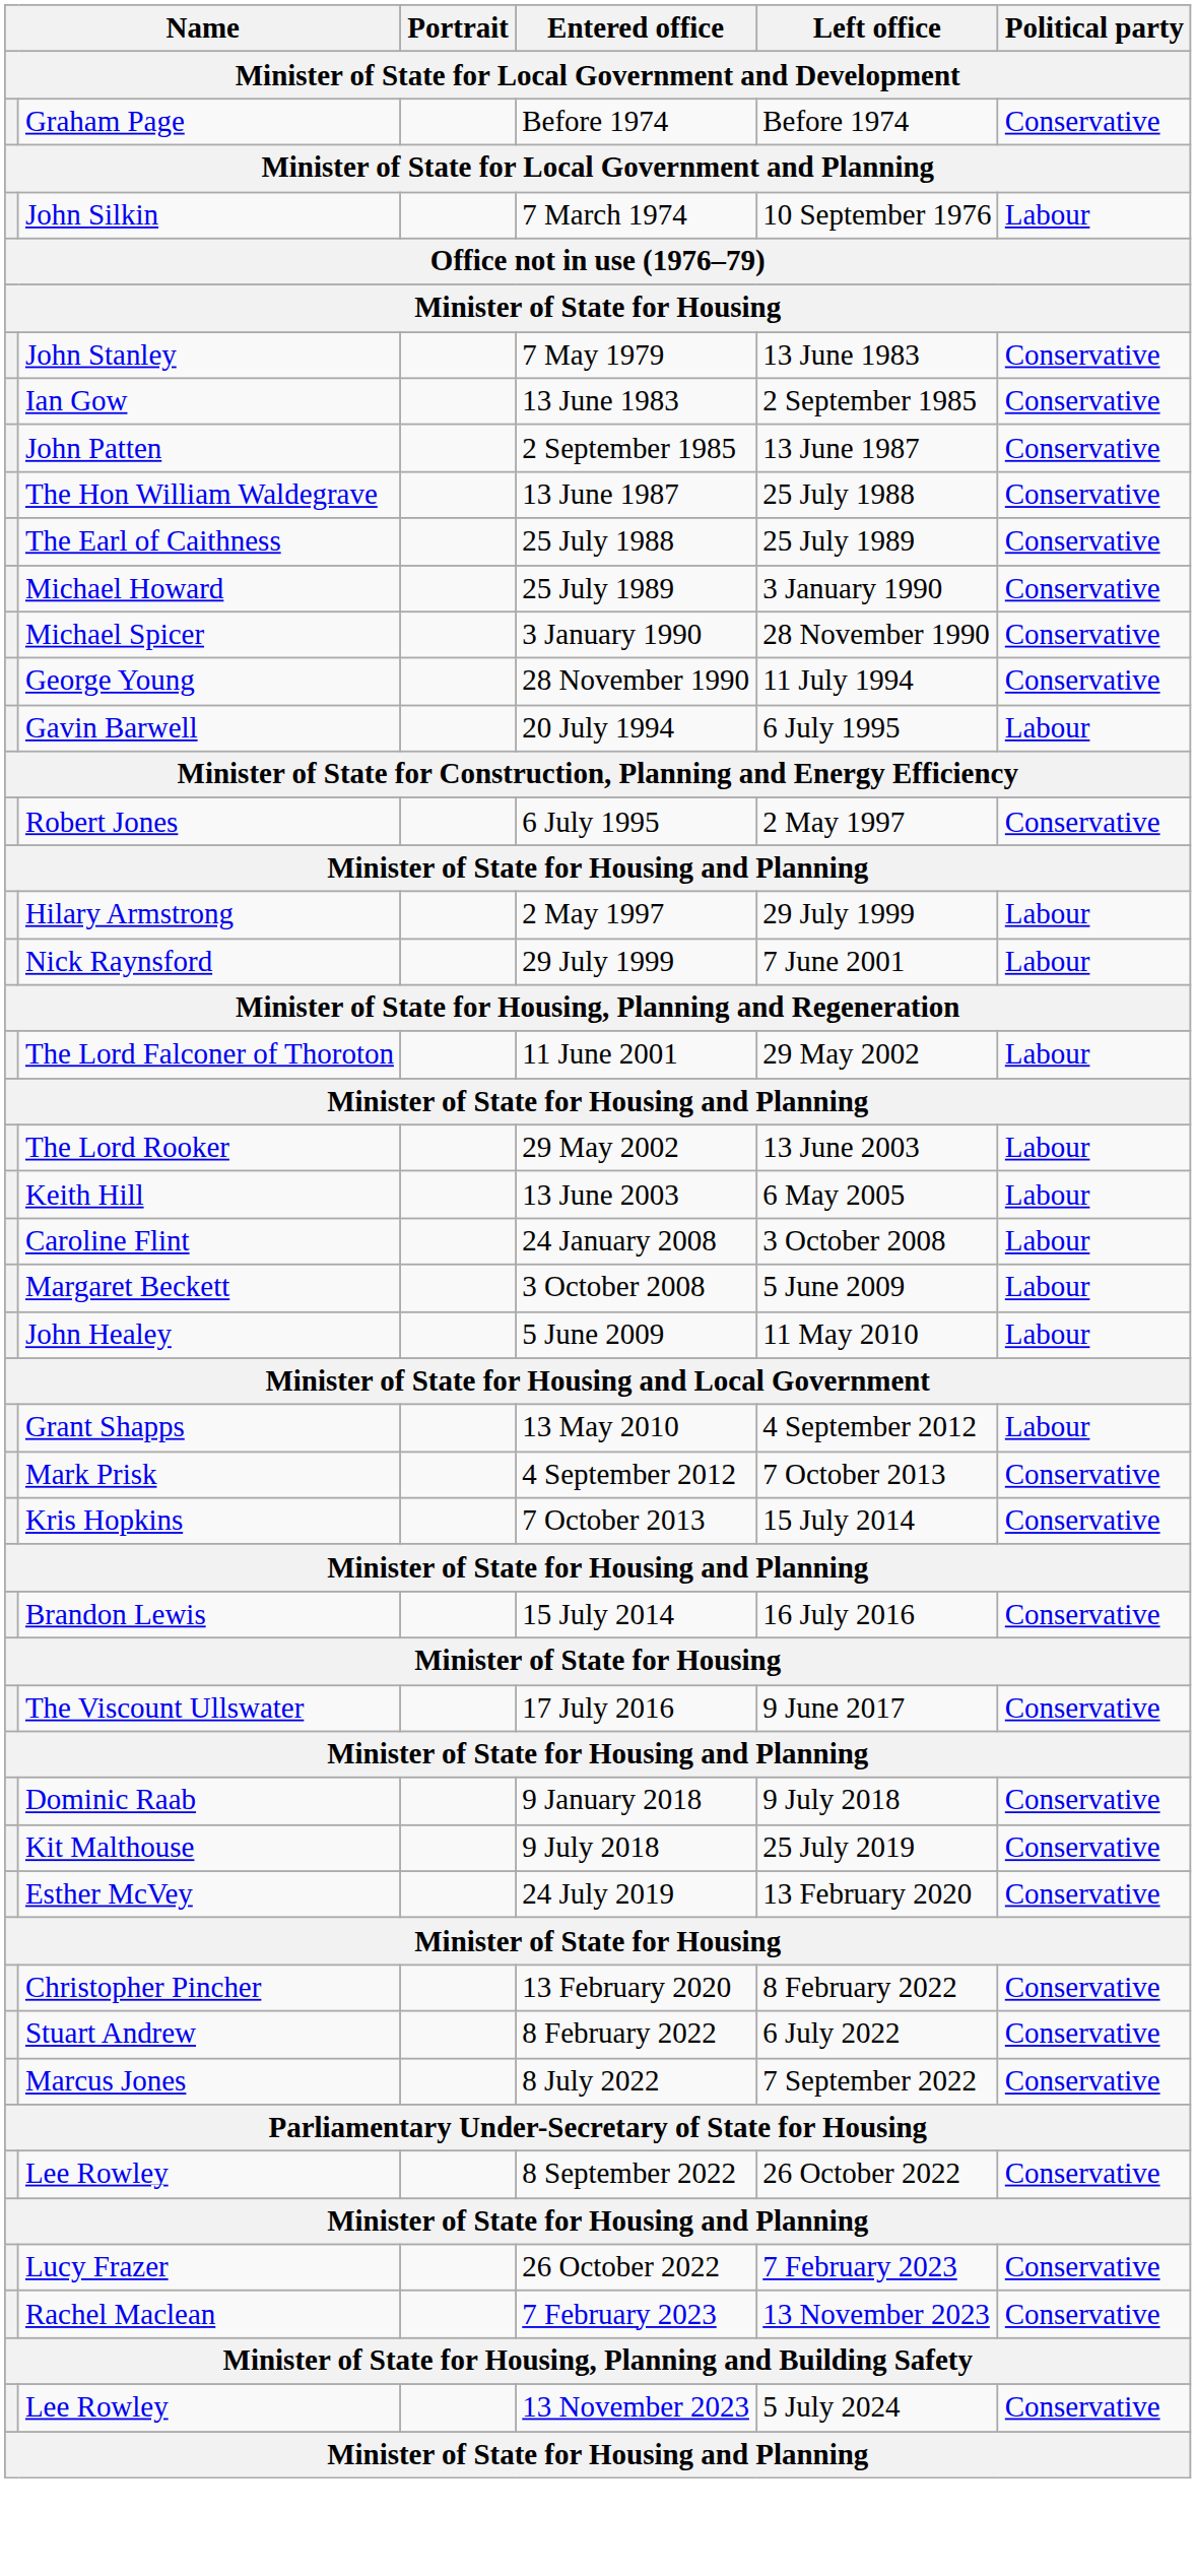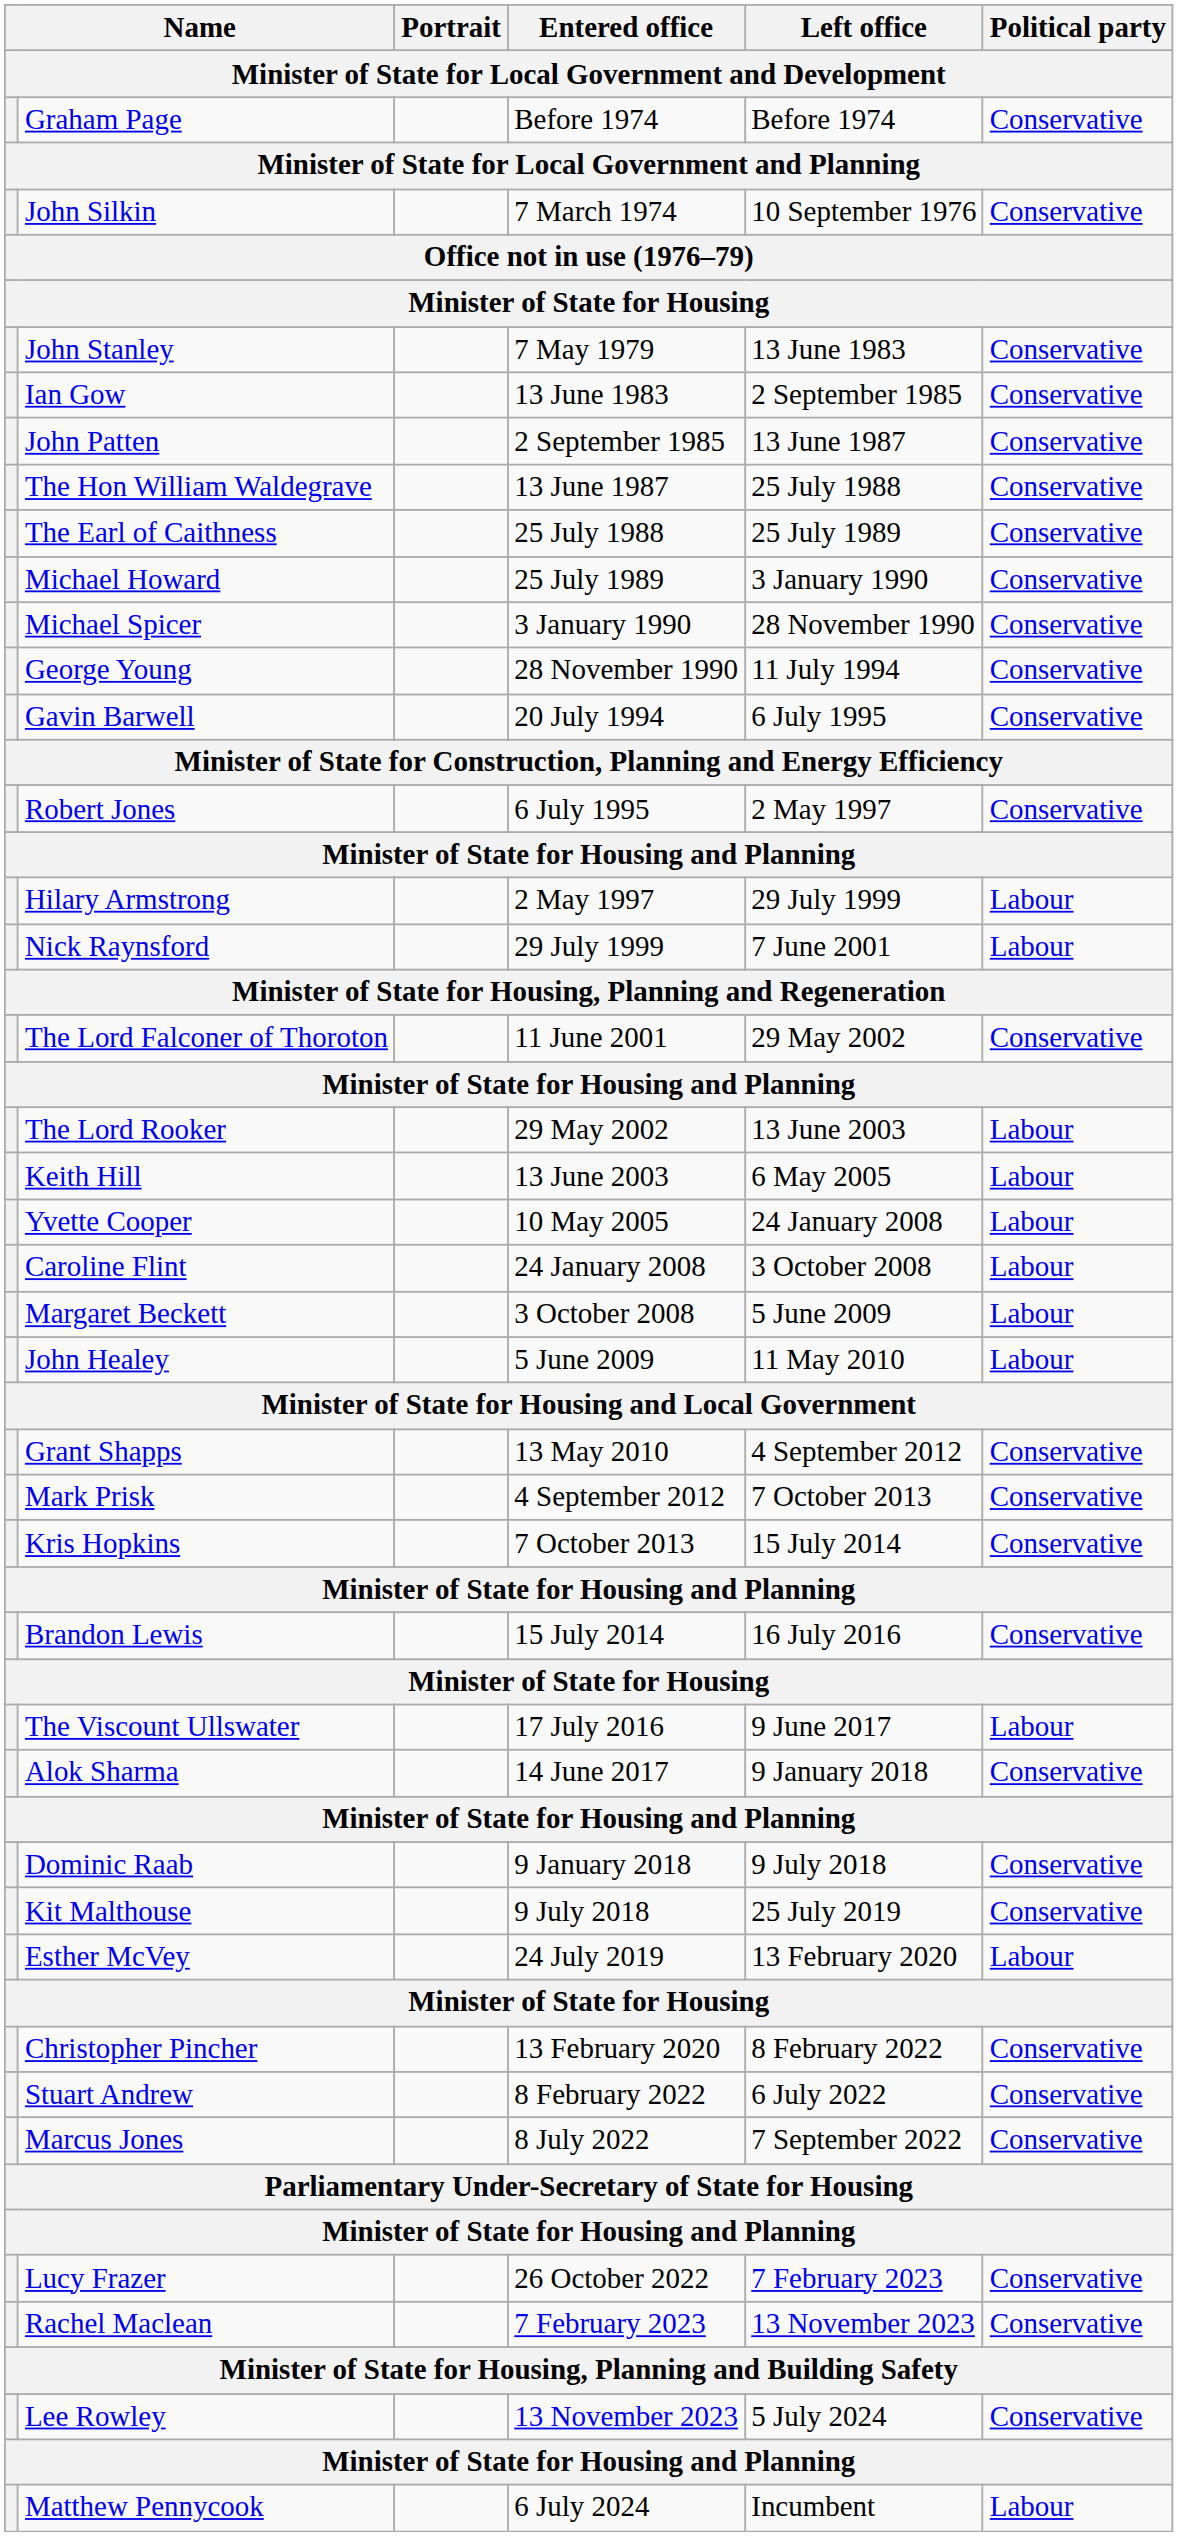 <table class="wikitable">
 <tr>
 <th colspan=2>Name</th>
 <th>Portrait</th>
 <th>Entered office</th>
 <th>Left office</th>
 <th>Political party</th>
 </tr>
 <tr>
 <th colspan="6">Minister of State for Local Government and Development</th>
 </tr>
 <tr>
 <th style="background-color: "></th>
 <td><a href='#'>Graham Page</a></td>
 <td></td>
 <td>Before 1974</td>
 <td>Before 1974</td>
 <td><a href='#'>Conservative</a></td>
 </tr>
 <tr>
 <th colspan="6">Minister of State for Local Government and Planning</th>
 </tr>
 <tr>
 <th style="background-color: "></th>
 <td><a href='#'>John Silkin</a></td>
 <td></td>
 <td>7 March 1974</td>
 <td>10 September 1976</td>
-<td><a href='#'>Labour</a></td>
+<td><a href='#'>Conservative</a></td>
 </tr>
 <tr>
 <th colspan="6">Office not in use (1976–79)</th>
 </tr>
 <tr>
 <th colspan="6">Minister of State for Housing</th>
 </tr>
 <tr>
 <th style="background-color: "></th>
 <td><a href='#'>John Stanley</a></td>
 <td></td>
 <td>7 May 1979</td>
 <td>13 June 1983</td>
 <td><a href='#'>Conservative</a></td>
 </tr>
 <tr>
 <th style="background-color: "></th>
 <td><a href='#'>Ian Gow</a></td>
 <td></td>
 <td>13 June 1983</td>
 <td>2 September 1985</td>
 <td><a href='#'>Conservative</a></td>
 </tr>
 <tr>
 <th style="background-color: "></th>
 <td><a href='#'>John Patten</a></td>
 <td></td>
 <td>2 September 1985</td>
 <td>13 June 1987</td>
 <td><a href='#'>Conservative</a></td>
 </tr>
 <tr>
 <th style="background-color: "></th>
 <td><a href='#'>The Hon William Waldegrave</a></td>
 <td></td>
 <td>13 June 1987</td>
 <td>25 July 1988</td>
 <td><a href='#'>Conservative</a></td>
 </tr>
 <tr>
 <th style="background-color: "></th>
 <td><a href='#'>The Earl of Caithness</a></td>
 <td></td>
 <td>25 July 1988</td>
 <td>25 July 1989</td>
 <td><a href='#'>Conservative</a></td>
 </tr>
 <tr>
 <th style="background-color: "></th>
 <td><a href='#'>Michael Howard</a></td>
 <td></td>
 <td>25 July 1989</td>
 <td>3 January 1990</td>
 <td><a href='#'>Conservative</a></td>
 </tr>
 <tr>
 <th style="background-color: "></th>
 <td><a href='#'>Michael Spicer</a></td>
 <td></td>
 <td>3 January 1990</td>
 <td>28 November 1990</td>
 <td><a href='#'>Conservative</a></td>
 </tr>
 <tr>
 <th style="background-color: "></th>
 <td><a href='#'>George Young</a></td>
 <td></td>
 <td>28 November 1990</td>
 <td>11 July 1994</td>
 <td><a href='#'>Conservative</a></td>
 </tr>
 <tr>
 <th style="background-color: "></th>
 <td><a href='#'>Gavin Barwell</a></td>
 <td></td>
 <td>20 July 1994</td>
 <td>6 July 1995</td>
-<td><a href='#'>Labour</a></td>
+<td><a href='#'>Conservative</a></td>
 </tr>
 <tr>
 <th colspan="6">Minister of State for Construction, Planning and Energy Efficiency</th>
 </tr>
 <tr>
 <th style="background-color: "></th>
 <td><a href='#'>Robert Jones</a></td>
 <td></td>
 <td>6 July 1995</td>
 <td>2 May 1997</td>
 <td><a href='#'>Conservative</a></td>
 </tr>
 <tr>
 <th colspan="6">Minister of State for Housing and Planning</th>
 </tr>
 <tr>
 <th style="background-color: "></th>
 <td><a href='#'>Hilary Armstrong</a></td>
 <td></td>
 <td>2 May 1997</td>
 <td>29 July 1999</td>
 <td><a href='#'>Labour</a></td>
 </tr>
 <tr>
 <th style="background-color: "></th>
 <td><a href='#'>Nick Raynsford</a></td>
 <td></td>
 <td>29 July 1999</td>
 <td>7 June 2001</td>
 <td><a href='#'>Labour</a></td>
 </tr>
 <tr>
 <th colspan="6">Minister of State for Housing, Planning and Regeneration</th>
 </tr>
 <tr>
 <th style="background-color: "></th>
 <td><a href='#'>The Lord Falconer of Thoroton</a></td>
 <td></td>
 <td>11 June 2001</td>
 <td>29 May 2002</td>
-<td><a href='#'>Labour</a></td>
+<td><a href='#'>Conservative</a></td>
 </tr>
 <tr>
 <th colspan="6">Minister of State for Housing and Planning</th>
 </tr>
 <tr>
 <th style="background-color: "></th>
 <td><a href='#'>The Lord Rooker</a></td>
 <td></td>
 <td>29 May 2002</td>
 <td>13 June 2003</td>
 <td><a href='#'>Labour</a></td>
 </tr>
 <tr>
 <th style="background-color: "></th>
 <td><a href='#'>Keith Hill</a></td>
 <td></td>
 <td>13 June 2003</td>
 <td>6 May 2005</td>
+<td><a href='#'>Labour</a></td>
+</tr>
+<tr>
+<th style="background-color: "></th>
+<td><a href='#'>Yvette Cooper</a></td>
+<td></td>
+<td>10 May 2005</td>
+<td>24 January 2008</td>
 <td><a href='#'>Labour</a></td>
 </tr>
 <tr>
 <th style="background-color: "></th>
 <td><a href='#'>Caroline Flint</a></td>
 <td></td>
 <td>24 January 2008</td>
 <td>3 October 2008</td>
 <td><a href='#'>Labour</a></td>
 </tr>
 <tr>
 <th style="background-color: "></th>
 <td><a href='#'>Margaret Beckett</a></td>
 <td></td>
 <td>3 October 2008</td>
 <td>5 June 2009</td>
 <td><a href='#'>Labour</a></td>
 </tr>
 <tr>
 <th style="background-color: "></th>
 <td><a href='#'>John Healey</a></td>
 <td></td>
 <td>5 June 2009</td>
 <td>11 May 2010</td>
 <td><a href='#'>Labour</a></td>
 </tr>
 <tr>
 <th colspan="6">Minister of State for Housing and Local Government</th>
 </tr>
 <tr>
 <th style="background-color: "></th>
 <td><a href='#'>Grant Shapps</a></td>
 <td></td>
 <td>13 May 2010</td>
 <td>4 September 2012</td>
-<td><a href='#'>Labour</a></td>
+<td><a href='#'>Conservative</a></td>
 </tr>
 <tr>
 <th style="background-color: "></th>
 <td><a href='#'>Mark Prisk</a></td>
 <td></td>
 <td>4 September 2012</td>
 <td>7 October 2013</td>
 <td><a href='#'>Conservative</a></td>
 </tr>
 <tr>
 <th style="background-color: "></th>
 <td><a href='#'>Kris Hopkins</a></td>
 <td></td>
 <td>7 October 2013</td>
 <td>15 July 2014</td>
 <td><a href='#'>Conservative</a></td>
 </tr>
 <tr>
 <th colspan="6">Minister of State for Housing and Planning</th>
 </tr>
 <tr>
 <th style="background-color: "></th>
 <td><a href='#'>Brandon Lewis</a></td>
 <td></td>
 <td>15 July 2014</td>
 <td>16 July 2016</td>
 <td><a href='#'>Conservative</a></td>
 </tr>
 <tr>
 <th colspan="6">Minister of State for Housing</th>
 </tr>
 <tr>
 <th style="background-color: "></th>
 <td><a href='#'>The Viscount Ullswater</a></td>
 <td></td>
 <td>17 July 2016</td>
 <td>9 June 2017</td>
+<td><a href='#'>Labour</a></td>
+</tr>
+<tr>
+<th style="background-color: "></th>
+<td><a href='#'>Alok Sharma</a></td>
+<td></td>
+<td>14 June 2017</td>
+<td>9 January 2018</td>
 <td><a href='#'>Conservative</a></td>
 </tr>
 <tr>
 <th colspan="6">Minister of State for Housing and Planning</th>
 </tr>
 <tr>
 <th style="background-color: "></th>
 <td><a href='#'>Dominic Raab</a></td>
 <td></td>
 <td>9 January 2018</td>
 <td>9 July 2018</td>
 <td><a href='#'>Conservative</a></td>
 </tr>
 <tr>
 <th style="background-color: "></th>
 <td><a href='#'>Kit Malthouse</a></td>
 <td></td>
 <td>9 July 2018</td>
 <td>25 July 2019</td>
 <td><a href='#'>Conservative</a></td>
 </tr>
 <tr>
 <th style="background-color: "></th>
 <td><a href='#'>Esther McVey</a></td>
 <td></td>
 <td>24 July 2019</td>
 <td>13 February 2020</td>
-<td><a href='#'>Conservative</a></td>
+<td><a href='#'>Labour</a></td>
 </tr>
 <tr>
 <th colspan="6">Minister of State for Housing</th>
 </tr>
 <tr>
 <th style="background-color: "></th>
 <td><a href='#'>Christopher Pincher</a></td>
 <td></td>
 <td>13 February 2020</td>
 <td>8 February 2022</td>
 <td><a href='#'>Conservative</a></td>
 </tr>
 <tr>
 <th style="background-color: "></th>
 <td><a href='#'>Stuart Andrew</a></td>
 <td></td>
 <td>8 February 2022</td>
 <td>6 July 2022</td>
 <td><a href='#'>Conservative</a></td>
 </tr>
 <tr>
 <th style="background-color: "></th>
 <td><a href='#'>Marcus Jones</a></td>
 <td></td>
 <td>8 July 2022</td>
 <td>7 September 2022</td>
 <td><a href='#'>Conservative</a></td>
 </tr>
 <tr>
 <th colspan="6">Parliamentary Under-Secretary of State for Housing</th>
-</tr>
-<tr>
-<th style="background-color: "></th>
-<td><a href='#'>Lee Rowley</a></td>
-<td></td>
-<td>8 September 2022</td>
-<td>26 October 2022</td>
-<td><a href='#'>Conservative</a></td>
 </tr>
 <tr>
 <th colspan="6">Minister of State for Housing and Planning</th>
 </tr>
 <tr>
 <th style="background-color: "></th>
 <td><a href='#'>Lucy Frazer</a></td>
 <td></td>
 <td>26 October 2022</td>
 <td><a href='#'>7 February 2023</a></td>
 <td><a href='#'>Conservative</a></td>
 </tr>
 <tr>
 <th style="background-color: "></th>
 <td><a href='#'>Rachel Maclean</a></td>
 <td></td>
 <td><a href='#'>7 February 2023</a></td>
 <td><a href='#'>13 November 2023</a></td>
 <td><a href='#'>Conservative</a></td>
 </tr>
 <tr>
 <th colspan="6">Minister of State for Housing, Planning and Building Safety</th>
 </tr>
 <tr>
 <th style="background-color: "></th>
 <td><a href='#'>Lee Rowley</a></td>
 <td></td>
 <td><a href='#'>13 November 2023</a></td>
 <td>5 July 2024</td>
 <td><a href='#'>Conservative</a></td>
 </tr>
 <tr>
 <th colspan="6">Minister of State for Housing and Planning</th>
 </tr>
+<tr>
+<th style="background-color: "></th>
+<td><a href='#'>Matthew Pennycook</a></td>
+<td></td>
+<td>6 July 2024</td>
+<td>Incumbent</td>
+<td><a href='#'>Labour</a></td>
+</tr>
 </table>
